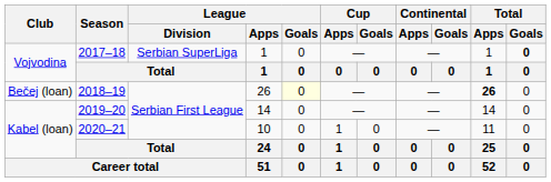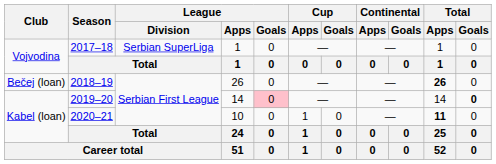 <table class="wikitable" style="text-align:center">
 <tr>
 <th rowspan="2">Club</th>
 <th rowspan="2">Season</th>
 <th colspan="3">League</th>
 <th colspan="2">Cup</th>
 <th colspan="2">Continental</th>
 <th colspan="2">Total</th>
 </tr>
 <tr>
 <th>Division</th>
 <th>Apps</th>
 <th>Goals</th>
 <th>Apps</th>
 <th>Goals</th>
 <th>Apps</th>
 <th>Goals</th>
 <th>Apps</th>
 <th>Goals</th>
 </tr>
 <tr>
 <td rowspan="2"><a href='#'>Vojvodina</a></td>
 <td><a href='#'>2017–18</a></td>
 <td><a href='#'>Serbian SuperLiga</a></td>
 <td>1</td>
 <td>0</td>
 <td colspan="2">—</td>
 <td colspan="2">—</td>
 <td>1</td>
-<td><strong>0</strong></td>
+<td>0</td>
 </tr>
 <tr>
 <th colspan="2">Total</th>
 <th>1</th>
 <th>0</th>
 <th>0</th>
 <th>0</th>
 <th>0</th>
 <th>0</th>
 <th>1</th>
 <th>0</th>
 </tr>
 <tr>
 <td><a href='#'>Bečej</a> (loan)</td>
 <td><a href='#'>2018–19</a></td>
 <td rowspan="3"><a href='#'>Serbian First League</a></td>
 <td>26</td>
-<td style="background: lightyellow;">0</td>
+<td>0</td>
 <td colspan="2">—</td>
 <td colspan="2">—</td>
 <td><strong>26</strong></td>
 <td>0</td>
 </tr>
 <tr>
 <td rowspan="3" valign="center"><a href='#'>Kabel</a> (loan)</td>
 <td><a href='#'>2019–20</a></td>
 <td>14</td>
-<td>0</td>
+<td style="background: pink;">0</td>
 <td colspan="2">—</td>
 <td colspan="2">—</td>
 <td>14</td>
-<td>0</td>
+<td><strong>0</strong></td>
 </tr>
 <tr>
 <td><a href='#'>2020–21</a></td>
 <td>10</td>
 <td>0</td>
 <td>1</td>
 <td>0</td>
 <td colspan="2">—</td>
-<td>11</td>
+<td><strong>11</strong></td>
 <td>0</td>
 </tr>
 <tr>
 <th colspan="2">Total</th>
 <th>24</th>
 <th>0</th>
 <th>1</th>
 <th>0</th>
 <th>0</th>
 <th>0</th>
 <th>25</th>
 <th>0</th>
 </tr>
 <tr>
 <th colspan="3">Career total</th>
 <th>51</th>
 <th>0</th>
 <th>1</th>
 <th>0</th>
 <th>0</th>
 <th>0</th>
 <th>52</th>
 <th>0</th>
 </tr>
 </table>
